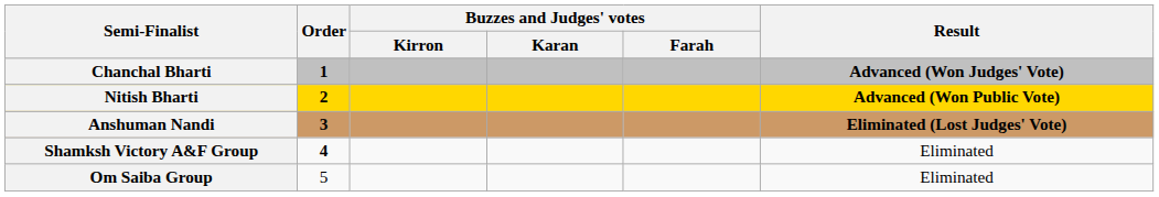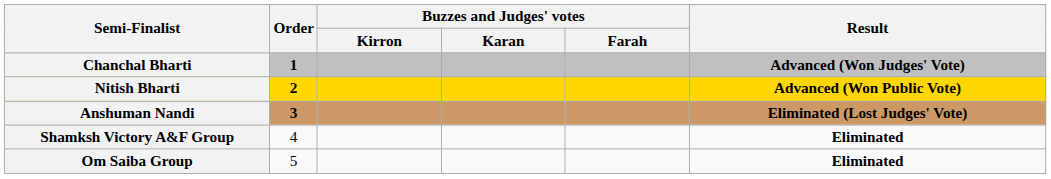 <table class="wikitable plainrowheaders sortable" style="text-align:center;">
 <tr>
 <th rowspan="2" class="unsortable" scope="col" style="width:17em;">Semi-Finalist</th>
 <th rowspan="2" scope="col" style="width:1em;">Order</th>
 <th colspan="3" class="unsortable" scope="col" style="width:24em;">Buzzes and Judges' votes</th>
 <th rowspan="2" scope="col" style="width:23em;">Result</th>
 </tr>
 <tr>
 <th class="unsortable" scope="col" style="width:6em;">Kirron</th>
 <th class="unsortable" scope="col" style="width:6em;">Karan</th>
 <th class="unsortable" scope="col" style="width:6em;">Farah</th>
 </tr>
 <tr style="background:silver;">
 <th scope="row"><strong>Chanchal Bharti</strong></th>
 <td><strong>1</strong></td>
 <td style="text-align:center;"></td>
 <td style="text-align:center;"></td>
 <td style="text-align:center;"></td>
 <td><strong>Advanced (Won Judges' Vote)</strong></td>
 </tr>
 <tr style="background:gold;" ->
 <th scope="row"><strong>Nitish Bharti</strong></th>
 <td><strong>2</strong></td>
 <td style="text-align:center;"></td>
 <td style="text-align:center;"></td>
 <td style="text-align:center;"></td>
 <td><strong>Advanced (Won Public Vote)</strong></td>
 </tr>
 <tr style="background:#c96;">
 <th scope="row"><strong>Anshuman Nandi</strong></th>
 <td><strong>3</strong></td>
 <td style="text-align:center;"></td>
 <td style="text-align:center;"></td>
 <td style="text-align:center;"></td>
 <td><strong>Eliminated (Lost Judges' Vote)</strong></td>
 </tr>
 <tr>
 <th scope="row">Shamksh Victory A&F Group</th>
-<td><strong>4</strong></td>
+<td>4</td>
 <td style="text-align:center;"></td>
 <td style="text-align:center;"></td>
 <td style="text-align:center;"></td>
-<td>Eliminated</td>
+<td><strong>Eliminated</strong></td>
 </tr>
 <tr>
 <th scope="row">Om Saiba Group</th>
 <td>5</td>
 <td style="text-align:center;"></td>
 <td style="text-align:center;"></td>
 <td style="text-align:center;"></td>
-<td>Eliminated</td>
+<td><strong>Eliminated</strong></td>
 </tr>
 </table>
